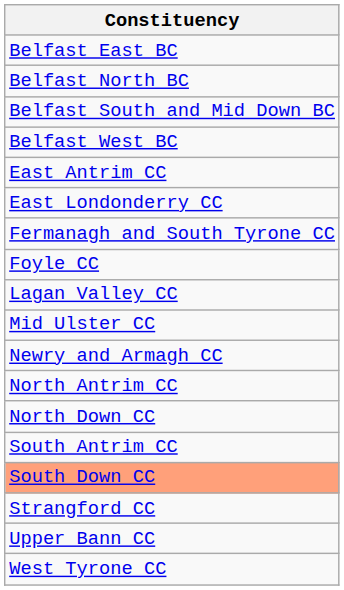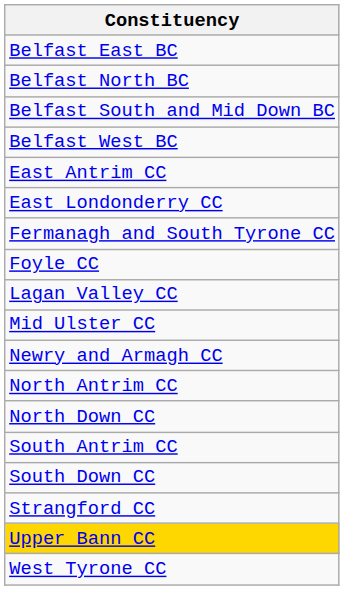 <table class="wikitable sortable">
 <tr>
 <th>Constituency</th>
 </tr>
 <tr>
 <td><a href='#'>Belfast East BC</a></td>
 </tr>
 <tr>
 <td><a href='#'>Belfast North BC</a></td>
 </tr>
 <tr>
 <td><a href='#'>Belfast South and Mid Down BC</a></td>
 </tr>
 <tr>
 <td><a href='#'>Belfast West BC</a></td>
 </tr>
 <tr>
 <td><a href='#'>East Antrim CC</a></td>
 </tr>
 <tr>
 <td><a href='#'>East Londonderry CC</a></td>
 </tr>
 <tr>
 <td><a href='#'>Fermanagh and South Tyrone CC</a></td>
 </tr>
 <tr>
 <td><a href='#'>Foyle CC</a></td>
 </tr>
 <tr>
 <td><a href='#'>Lagan Valley CC</a></td>
 </tr>
 <tr>
 <td><a href='#'>Mid Ulster CC</a></td>
 </tr>
 <tr>
 <td><a href='#'>Newry and Armagh CC</a></td>
 </tr>
 <tr>
 <td><a href='#'>North Antrim CC</a></td>
 </tr>
 <tr>
 <td><a href='#'>North Down CC</a></td>
 </tr>
 <tr>
 <td><a href='#'>South Antrim CC</a></td>
 </tr>
 <tr>
-<td style="background: lightsalmon;"><a href='#'>South Down CC</a></td>
+<td><a href='#'>South Down CC</a></td>
 </tr>
 <tr>
 <td><a href='#'>Strangford CC</a></td>
 </tr>
 <tr>
-<td><a href='#'>Upper Bann CC</a></td>
+<td style="background: gold;"><a href='#'>Upper Bann CC</a></td>
 </tr>
 <tr>
 <td><a href='#'>West Tyrone CC</a></td>
 </tr>
 </table>
